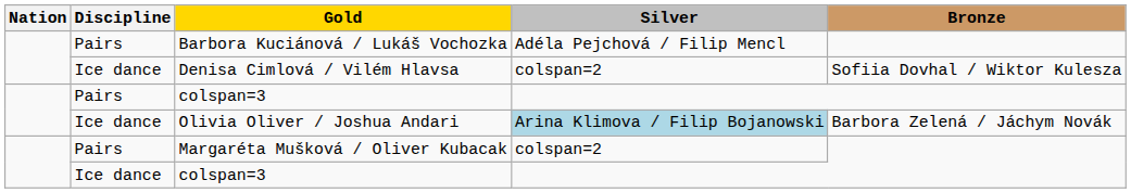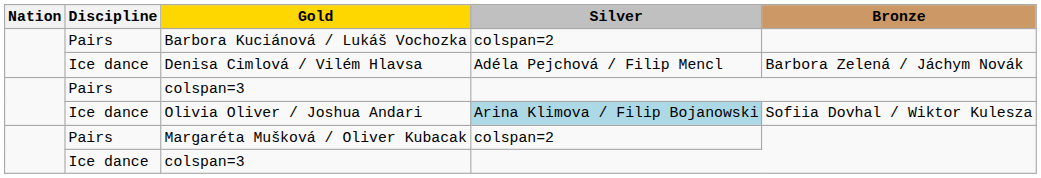 <table class="wikitable">
 <tr>
 <th>Nation</th>
 <th>Discipline</th>
 <td align=center bgcolor=gold><strong>Gold</strong></td>
 <td align=center bgcolor=silver><strong>Silver</strong></td>
 <td align=center bgcolor=cc9966><strong>Bronze</strong></td>
 </tr>
 <tr>
 <td rowspan=2><strong></strong></td>
 <td>Pairs</td>
 <td>Barbora Kuciánová / Lukáš Vochozka</td>
-<td>Adéla Pejchová / Filip Mencl</td>
+<td>colspan=2 </td>
 </tr>
 <tr>
 <td>Ice dance</td>
 <td>Denisa Cimlová / Vilém Hlavsa</td>
-<td>colspan=2 </td>
-<td>Sofiia Dovhal / Wiktor Kulesza</td>
+<td>Adéla Pejchová / Filip Mencl</td>
+<td>Barbora Zelená / Jáchym Novák</td>
 </tr>
 <tr>
 <td rowspan=2><strong></strong></td>
 <td>Pairs</td>
 <td>colspan=3 </td>
 </tr>
 <tr>
 <td>Ice dance</td>
 <td>Olivia Oliver / Joshua Andari</td>
 <td style="background: lightblue;">Arina Klimova / Filip Bojanowski</td>
-<td>Barbora Zelená / Jáchym Novák</td>
+<td>Sofiia Dovhal / Wiktor Kulesza</td>
 </tr>
 <tr>
 <td rowspan=2><strong></strong></td>
 <td>Pairs</td>
 <td>Margaréta Mušková / Oliver Kubacak</td>
 <td>colspan=2 </td>
 </tr>
 <tr>
 <td>Ice dance</td>
 <td>colspan=3 </td>
 </tr>
 </table>
